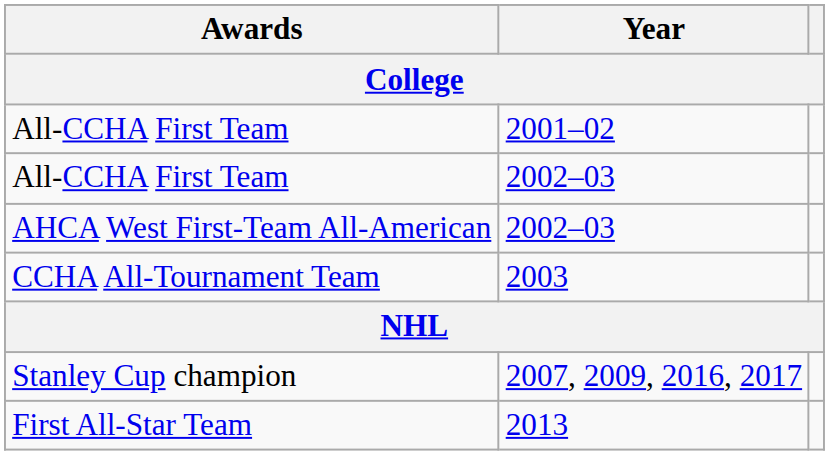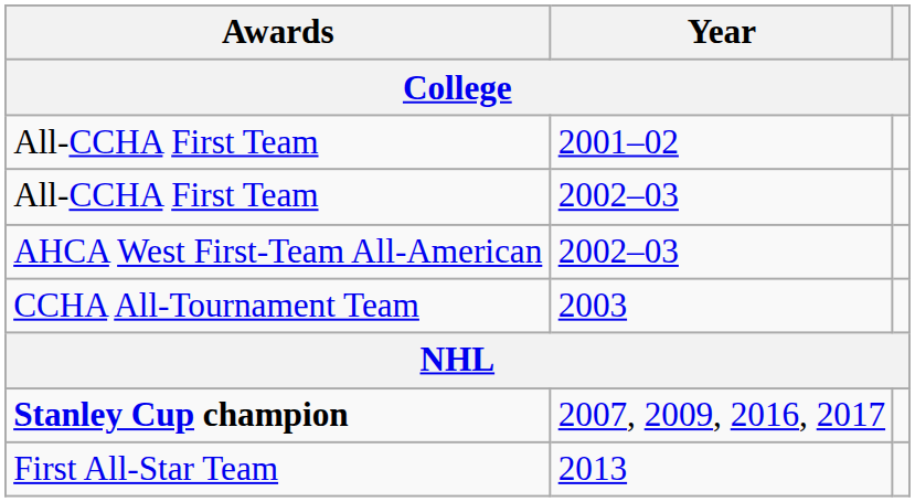 <table class="wikitable">
 <tr>
 <th>Awards</th>
 <th>Year</th>
 <th></th>
 </tr>
 <tr>
 <th colspan="3"><a href='#'>College</a></th>
 </tr>
 <tr>
 <td>All-<a href='#'>CCHA</a> <a href='#'>First Team</a></td>
 <td><a href='#'>2001–02</a></td>
 <td></td>
 </tr>
 <tr>
 <td>All-<a href='#'>CCHA</a> <a href='#'>First Team</a></td>
 <td><a href='#'>2002–03</a></td>
 <td></td>
 </tr>
 <tr>
 <td><a href='#'>AHCA</a> <a href='#'>West First-Team All-American</a></td>
 <td><a href='#'>2002–03</a></td>
 <td></td>
 </tr>
 <tr>
 <td><a href='#'>CCHA</a> <a href='#'>All-Tournament Team</a></td>
 <td><a href='#'>2003</a></td>
 <td></td>
 </tr>
 <tr>
 <th colspan="3"><a href='#'>NHL</a></th>
 </tr>
 <tr>
-<td><a href='#'>Stanley Cup</a> champion</td>
+<td><strong><a href='#'>Stanley Cup</a> champion</strong></td>
 <td><a href='#'>2007</a>, <a href='#'>2009</a>, <a href='#'>2016</a>,  <a href='#'>2017</a></td>
 <td></td>
 </tr>
 <tr>
 <td><a href='#'>First All-Star Team</a></td>
 <td><a href='#'>2013</a></td>
 <td></td>
 </tr>
 </table>
